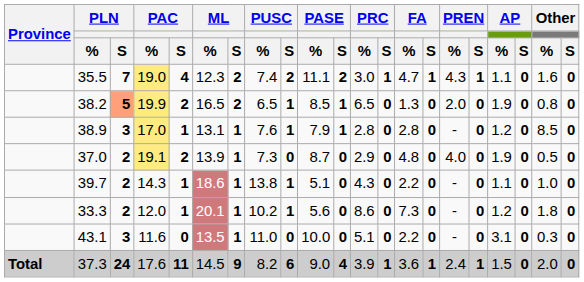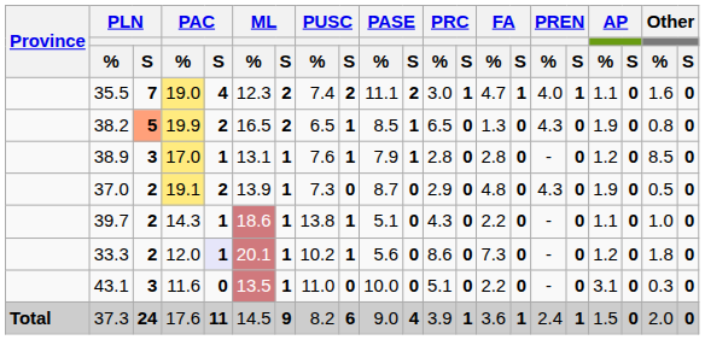 <table class="wikitable sortable" style="text-align:right; font-size:95%; line-height:20px;">
 <tr>
 <th rowspan="3"><a href='#'>Province</a></th>
 <th colspan="2" width="30px"><a href='#'>PLN</a></th>
 <th colspan="2" width="30px"><a href='#'>PAC</a></th>
 <th colspan="2" width="30px"><a href='#'>ML</a></th>
 <th colspan="2" width="30px"><a href='#'>PUSC</a></th>
 <th colspan="2" width="30px"><a href='#'>PASE</a></th>
 <th colspan="2" width="30px"><a href='#'>PRC</a></th>
 <th colspan="2" width="30px"><a href='#'>FA</a></th>
 <th colspan="2" width="30px"><a href='#'>PREN</a></th>
 <th colspan="2" width="30px"><a href='#'>AP</a></th>
 <th colspan="2" width="30px">Other</th>
 </tr>
 <tr>
 <th colspan="2" style="background:"></th>
 <th colspan="2" style="background:"></th>
 <th colspan="2" style="background:"></th>
 <th colspan="2" style="background:"></th>
 <th colspan="2" style="background:"></th>
 <th colspan="2" style="background:"></th>
 <th colspan="2" style="background:"></th>
 <th colspan="2" style="background:"></th>
 <th colspan="2" style="background:#699C13"></th>
 <th colspan="2" style="background:#7a7a7a"></th>
 </tr>
 <tr>
 <th data-sort-type="number">%</th>
 <th data-sort-type="number">S</th>
 <th data-sort-type="number">%</th>
 <th data-sort-type="number">S</th>
 <th data-sort-type="number">%</th>
 <th data-sort-type="number">S</th>
 <th data-sort-type="number">%</th>
 <th data-sort-type="number">S</th>
 <th data-sort-type="number">%</th>
 <th data-sort-type="number">S</th>
 <th data-sort-type="number">%</th>
 <th data-sort-type="number">S</th>
 <th data-sort-type="number">%</th>
 <th data-sort-type="number">S</th>
 <th data-sort-type="number">%</th>
 <th data-sort-type="number">S</th>
 <th data-sort-type="number">%</th>
 <th data-sort-type="number">S</th>
 <th data-sort-type="number">%</th>
 <th data-sort-type="number">S</th>
 </tr>
 <tr>
 <td align="left"></td>
 <td style="background:">35.5</td>
 <td><strong>7</strong></td>
 <td style="background:#FFEB7F; color:black;">19.0</td>
 <td><strong>4</strong></td>
 <td>12.3</td>
 <td><strong>2</strong></td>
 <td>7.4</td>
 <td><strong>2</strong></td>
 <td>11.1</td>
 <td><strong>2</strong></td>
 <td>3.0</td>
 <td><strong>1</strong></td>
 <td>4.7</td>
 <td><strong>1</strong></td>
-<td>4.3</td>
+<td>4.0</td>
 <td><strong>1</strong></td>
 <td>1.1</td>
 <td><strong>0</strong></td>
 <td>1.6</td>
 <td><strong>0</strong></td>
 </tr>
 <tr>
 <td align="left"></td>
 <td style="background:">38.2</td>
 <td style="background: lightsalmon;"><strong>5</strong></td>
 <td style="background:#FFEB7F; color:black;">19.9</td>
 <td><strong>2</strong></td>
 <td>16.5</td>
 <td><strong>2</strong></td>
 <td>6.5</td>
 <td><strong>1</strong></td>
 <td>8.5</td>
 <td><strong>1</strong></td>
 <td>6.5</td>
 <td><strong>0</strong></td>
 <td>1.3</td>
 <td><strong>0</strong></td>
-<td>2.0</td>
+<td>4.3</td>
 <td><strong>0</strong></td>
 <td>1.9</td>
 <td><strong>0</strong></td>
 <td>0.8</td>
 <td><strong>0</strong></td>
 </tr>
 <tr>
 <td align="left"></td>
 <td style="background:">38.9</td>
 <td><strong>3</strong></td>
 <td style="background:#FFEB7F; color:black;">17.0</td>
 <td><strong>1</strong></td>
 <td>13.1</td>
 <td><strong>1</strong></td>
 <td>7.6</td>
 <td><strong>1</strong></td>
 <td>7.9</td>
 <td><strong>1</strong></td>
 <td>2.8</td>
 <td><strong>0</strong></td>
 <td>2.8</td>
 <td><strong>0</strong></td>
 <td align="center">-</td>
 <td><strong>0</strong></td>
 <td>1.2</td>
 <td><strong>0</strong></td>
 <td>8.5</td>
 <td><strong>0</strong></td>
 </tr>
 <tr>
 <td align="left"></td>
 <td style="background:">37.0</td>
 <td><strong>2</strong></td>
 <td style="background:#FFEB7F; color:black;">19.1</td>
 <td><strong>2</strong></td>
 <td>13.9</td>
 <td><strong>1</strong></td>
 <td>7.3</td>
 <td><strong>0</strong></td>
 <td>8.7</td>
 <td><strong>0</strong></td>
 <td>2.9</td>
 <td><strong>0</strong></td>
 <td>4.8</td>
 <td><strong>0</strong></td>
-<td>4.0</td>
+<td>4.3</td>
 <td><strong>0</strong></td>
 <td>1.9</td>
 <td><strong>0</strong></td>
 <td>0.5</td>
 <td><strong>0</strong></td>
 </tr>
 <tr>
 <td align="left"></td>
 <td style="background:">39.7</td>
 <td><strong>2</strong></td>
 <td>14.3</td>
 <td><strong>1</strong></td>
 <td style="background:#D0797D; color:white;">18.6</td>
 <td><strong>1</strong></td>
 <td>13.8</td>
 <td><strong>1</strong></td>
 <td>5.1</td>
 <td><strong>0</strong></td>
 <td>4.3</td>
 <td><strong>0</strong></td>
 <td>2.2</td>
 <td><strong>0</strong></td>
 <td align="center">-</td>
 <td><strong>0</strong></td>
 <td>1.1</td>
 <td><strong>0</strong></td>
 <td>1.0</td>
 <td><strong>0</strong></td>
 </tr>
 <tr>
 <td align="left"></td>
 <td style="background:">33.3</td>
 <td><strong>2</strong></td>
 <td>12.0</td>
-<td><strong>1</strong></td>
+<td style="background: lavender;"><strong>1</strong></td>
 <td style="background:#D0797D; color:white;">20.1</td>
 <td><strong>1</strong></td>
 <td>10.2</td>
 <td><strong>1</strong></td>
 <td>5.6</td>
 <td><strong>0</strong></td>
 <td>8.6</td>
 <td><strong>0</strong></td>
 <td>7.3</td>
 <td><strong>0</strong></td>
 <td align="center">-</td>
 <td><strong>0</strong></td>
 <td>1.2</td>
 <td><strong>0</strong></td>
 <td>1.8</td>
 <td><strong>0</strong></td>
 </tr>
 <tr>
 <td align="left"></td>
 <td style="background:">43.1</td>
 <td><strong>3</strong></td>
 <td>11.6</td>
 <td><strong>0</strong></td>
 <td style="background:#D0797D; color:white;">13.5</td>
 <td><strong>1</strong></td>
 <td>11.0</td>
 <td><strong>0</strong></td>
 <td>10.0</td>
 <td><strong>0</strong></td>
 <td>5.1</td>
 <td><strong>0</strong></td>
 <td>2.2</td>
 <td><strong>0</strong></td>
 <td align="center">-</td>
 <td><strong>0</strong></td>
 <td>3.1</td>
 <td><strong>0</strong></td>
 <td>0.3</td>
 <td><strong>0</strong></td>
 </tr>
 <tr style="background:#CDCDCD;">
 <td align="left"><strong>Total</strong></td>
 <td style="background:">37.3</td>
 <td><strong>24</strong></td>
 <td>17.6</td>
 <td><strong>11</strong></td>
 <td>14.5</td>
 <td><strong>9</strong></td>
 <td>8.2</td>
 <td><strong>6</strong></td>
 <td>9.0</td>
 <td><strong>4</strong></td>
 <td>3.9</td>
 <td><strong>1</strong></td>
 <td>3.6</td>
 <td><strong>1</strong></td>
 <td>2.4</td>
 <td><strong>1</strong></td>
 <td>1.5</td>
 <td><strong>0</strong></td>
 <td>2.0</td>
 <td><strong>0</strong></td>
 </tr>
 </table>
